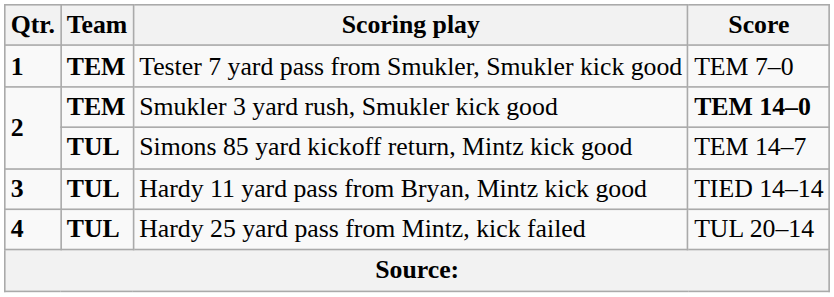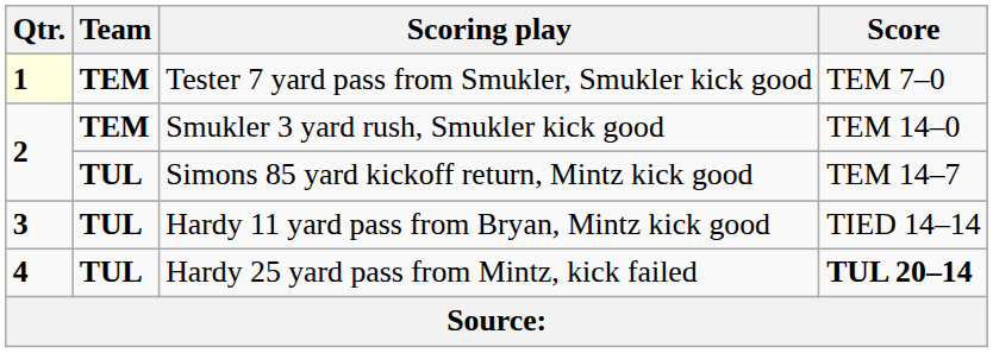 <table class="wikitable">
 <tr>
 <th>Qtr.</th>
 <th>Team</th>
 <th>Scoring play</th>
 <th>Score</th>
 </tr>
 <tr>
-<td><strong>1</strong></td>
+<td style="background: lightyellow;"><strong>1</strong></td>
 <td><strong>TEM</strong></td>
 <td>Tester 7 yard pass from Smukler, Smukler kick good</td>
 <td>TEM 7–0</td>
 </tr>
 <tr>
 <td rowspan=2><strong>2</strong></td>
 <td><strong>TEM</strong></td>
 <td>Smukler 3 yard rush, Smukler kick good</td>
-<td><strong>TEM 14–0</strong></td>
+<td>TEM 14–0</td>
 </tr>
 <tr>
 <td><strong>TUL</strong></td>
 <td>Simons 85 yard kickoff return, Mintz kick good</td>
 <td>TEM 14–7</td>
 </tr>
 <tr>
 <td><strong>3</strong></td>
 <td><strong>TUL</strong></td>
 <td>Hardy 11 yard pass from Bryan, Mintz kick good</td>
 <td>TIED 14–14</td>
 </tr>
 <tr>
 <td><strong>4</strong></td>
 <td><strong>TUL</strong></td>
 <td>Hardy 25 yard pass from Mintz, kick failed</td>
-<td>TUL 20–14</td>
+<td><strong>TUL 20–14</strong></td>
 </tr>
 <tr>
 <th colspan=4>Source:</th>
 </tr>
 </table>
